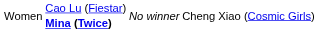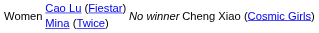 <table>
 <tr>
 <td rowspan=2>Women</td>
 <td><a href='#'>Cao Lu</a> (<a href='#'>Fiestar</a>)</td>
 <td rowspan=2><em>No winner</em></td>
 <td rowspan=2>Cheng Xiao (<a href='#'>Cosmic Girls</a>)</td>
 </tr>
 <tr>
-<td><strong><a href='#'>Mina</a> (<a href='#'>Twice</a>)</strong></td>
+<td><a href='#'>Mina</a> (<a href='#'>Twice</a>)</td>
 </tr>
 </table>
